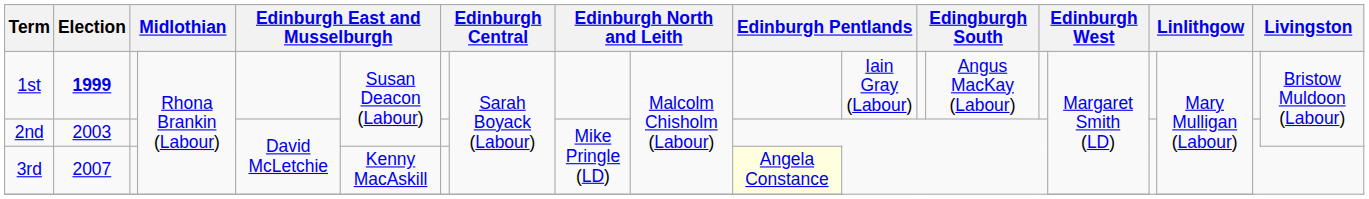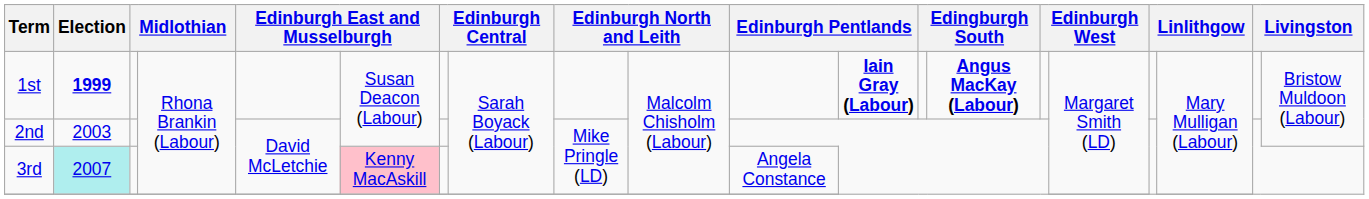 <table class="wikitable" style="text-align:center">
 <tr>
 <th>Term</th>
 <th>Election</th>
 <th colspan="2"><a href='#'>Midlothian</a></th>
 <th colspan="2"><a href='#'>Edinburgh East and Musselburgh</a></th>
 <th colspan="2"><a href='#'>Edinburgh Central</a></th>
 <th colspan="2"><a href='#'>Edinburgh North and Leith</a></th>
 <th colspan="2"><a href='#'>Edinburgh Pentlands</a></th>
 <th colspan="2"><a href='#'>Edingburgh South</a></th>
 <th colspan="2"><a href='#'>Edinburgh West</a></th>
 <th colspan="2"><a href='#'>Linlithgow</a></th>
 <th colspan="2"><a href='#'>Livingston</a></th>
 </tr>
 <tr>
 <td><a href='#'>1st</a></td>
 <td><strong><a href='#'>1999</a></strong></td>
 <td></td>
 <td rowspan="3"><a href='#'>Rhona Brankin</a><br>(<a href='#'>Labour</a>)</td>
 <td></td>
 <td rowspan="2"><a href='#'>Susan Deacon</a><br>(<a href='#'>Labour</a>)</td>
 <td></td>
 <td rowspan="3"><a href='#'>Sarah Boyack</a><br>(<a href='#'>Labour</a>)</td>
 <td></td>
 <td rowspan="3"><a href='#'>Malcolm Chisholm</a><br>(<a href='#'>Labour</a>)</td>
 <td></td>
-<td rowspan="1"><a href='#'>Iain Gray</a><br>(<a href='#'>Labour</a>)</td>
+<td rowspan="1"><strong><a href='#'>Iain Gray</a><br>(<a href='#'>Labour</a>)</strong></td>
 <td></td>
-<td rowspan="1"><a href='#'>Angus MacKay</a><br>(<a href='#'>Labour</a>)</td>
+<td rowspan="1"><strong><a href='#'>Angus MacKay</a><br>(<a href='#'>Labour</a>)</strong></td>
 <td></td>
 <td rowspan="3"><a href='#'>Margaret Smith</a><br>(<a href='#'>LD</a>)</td>
 <td></td>
 <td rowspan="3"><a href='#'>Mary Mulligan</a><br>(<a href='#'>Labour</a>)</td>
 <td></td>
 <td rowspan="2"><a href='#'>Bristow Muldoon</a><br>(<a href='#'>Labour</a>)</td>
 </tr>
 <tr>
 <td><a href='#'>2nd</a></td>
 <td><a href='#'>2003</a></td>
 <td></td>
 <td Rowspan="2"><a href='#'>David McLetchie</a><br></td>
 <td></td>
 <td rowspan="2"><a href='#'>Mike Pringle</a><br>(<a href='#'>LD</a>)</td>
 </tr>
 <tr>
 <td><a href='#'>3rd</a></td>
-<td><a href='#'>2007</a></td>
+<td style="background: paleturquoise;"><a href='#'>2007</a></td>
 <td></td>
-<td><a href='#'>Kenny MacAskill</a><br></td>
+<td style="background: pink;"><a href='#'>Kenny MacAskill</a><br></td>
 <td></td>
-<td style="background: lightyellow;"><a href='#'>Angela Constance</a><br></td>
+<td><a href='#'>Angela Constance</a><br></td>
 </tr>
 <tr>
 </tr>
 </table>
